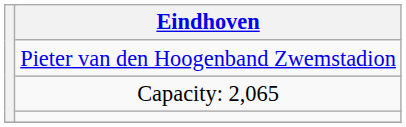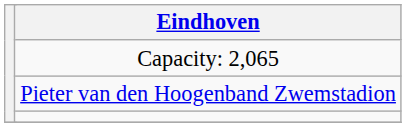 <table class="wikitable" style="text-align:center">
 <tr>
 <th rowspan="4" colspan="2"></th>
 <th><a href='#'>Eindhoven</a></th>
 </tr>
 <tr>
-<td><a href='#'>Pieter van den Hoogenband Zwemstadion</a></td>
+<td>Capacity: 2,065</td>
 </tr>
 <tr>
-<td>Capacity: 2,065</td>
+<td><a href='#'>Pieter van den Hoogenband Zwemstadion</a></td>
 </tr>
 <tr>
 <td></td>
 </tr>
 <tr>
 </tr>
 </table>
